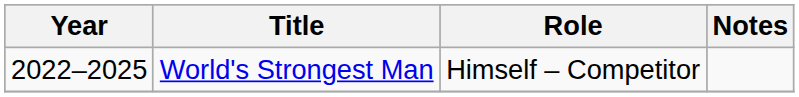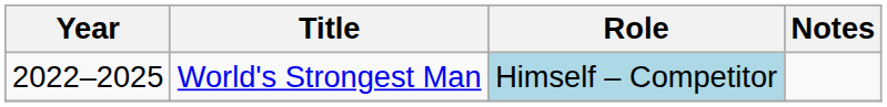 <table class="wikitable sortable">
 <tr>
 <th>Year</th>
 <th>Title</th>
 <th>Role</th>
 <th>Notes</th>
 </tr>
 <tr>
 <td>2022–2025</td>
 <td><a href='#'>World's Strongest Man</a></td>
-<td>Himself – Competitor</td>
+<td style="background: lightblue;">Himself – Competitor</td>
 <td></td>
 </tr>
 <tr>
 </tr>
 </table>
